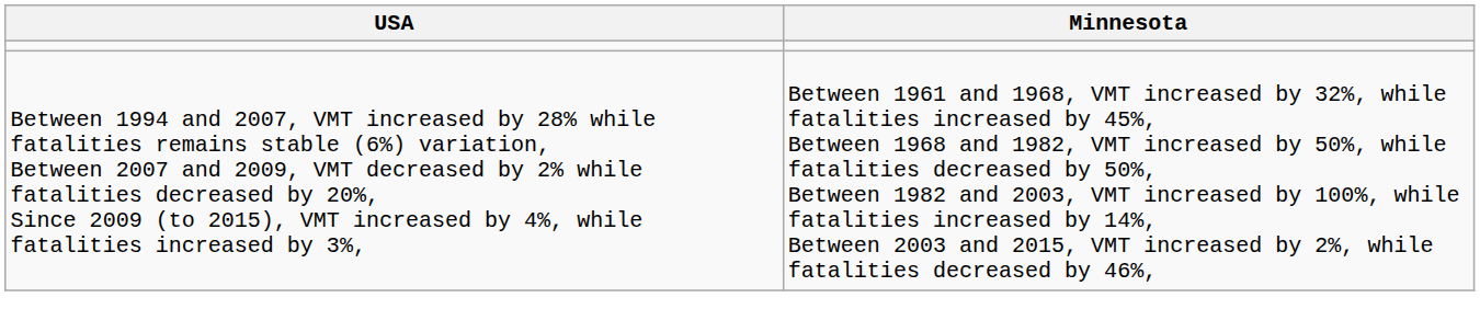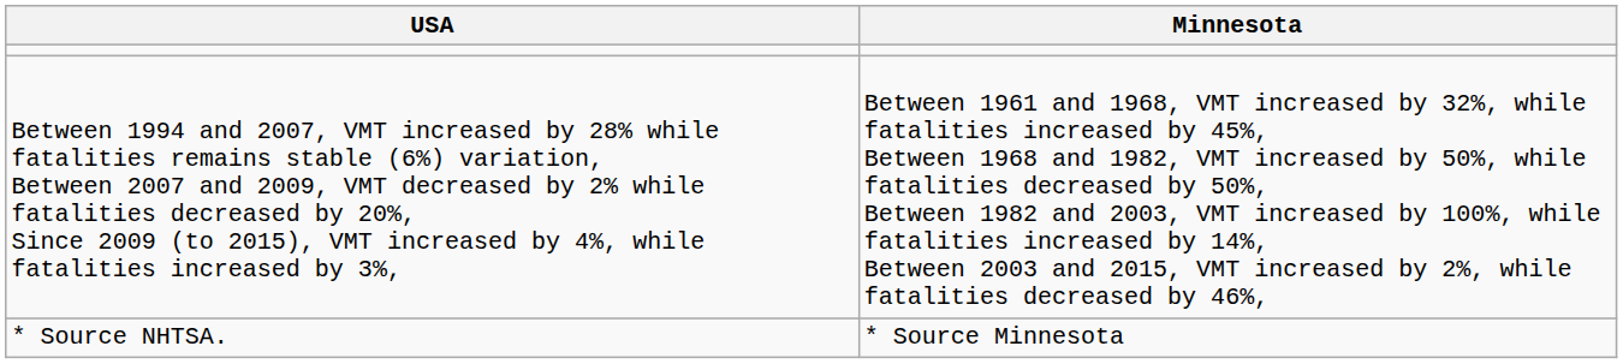 <table class="wikitable">
 <tr>
 <th>USA</th>
 <th>Minnesota</th>
 </tr>
 <tr>
 <td></td>
 <td></td>
 </tr>
 <tr>
 <td><br>Between 1994 and 2007,  VMT increased by 28% while fatalities remains stable (6%) variation, <br> Between 2007 and 2009, VMT decreased by 2% while fatalities decreased by 20%, <br> Since 2009 (to 2015), VMT increased by 4%, while fatalities increased by 3%,</td>
 <td><br>Between 1961 and 1968, VMT increased by 32%, while fatalities increased by 45%, <br> Between 1968 and 1982, VMT increased by 50%, while fatalities decreased by 50%, <br> Between 1982 and 2003, VMT increased by 100%, while fatalities increased by 14%, <br> Between 2003 and 2015, VMT increased by 2%, while fatalities decreased by 46%,</td>
 </tr>
+<tr>
+<td>* Source NHTSA.</td>
+<td>* Source Minnesota</td>
+</tr>
 </table>
